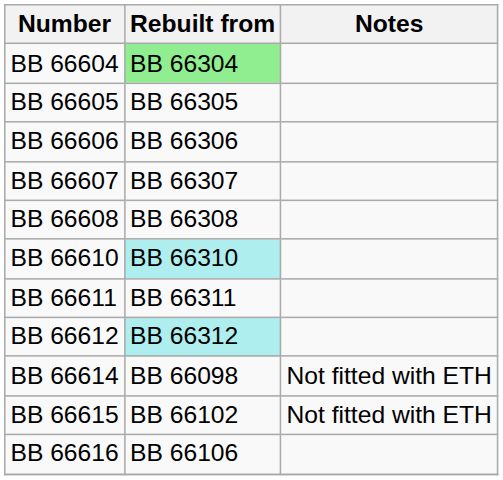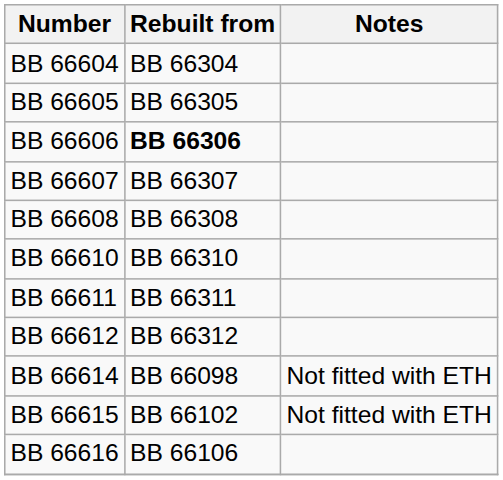 <table class=wikitable>
 <tr>
 <th>Number</th>
 <th>Rebuilt from</th>
 <th>Notes</th>
 </tr>
 <tr>
 <td>BB 66604</td>
-<td style="background: lightgreen;">BB 66304</td>
+<td>BB 66304</td>
 <td></td>
 </tr>
 <tr>
 <td>BB 66605</td>
 <td>BB 66305</td>
 <td></td>
 </tr>
 <tr>
 <td>BB 66606</td>
-<td>BB 66306</td>
+<td><strong>BB 66306</strong></td>
 <td></td>
 </tr>
 <tr>
 <td>BB 66607</td>
 <td>BB 66307</td>
 <td></td>
 </tr>
 <tr>
 <td>BB 66608</td>
 <td>BB 66308</td>
 <td></td>
 </tr>
 <tr>
 <td>BB 66610</td>
-<td style="background: paleturquoise;">BB 66310</td>
+<td>BB 66310</td>
 <td></td>
 </tr>
 <tr>
 <td>BB 66611</td>
 <td>BB 66311</td>
 <td></td>
 </tr>
 <tr>
 <td>BB 66612</td>
-<td style="background: paleturquoise;">BB 66312</td>
+<td>BB 66312</td>
 <td></td>
 </tr>
 <tr>
 <td>BB 66614</td>
 <td>BB 66098</td>
 <td>Not fitted with ETH</td>
 </tr>
 <tr>
 <td>BB 66615</td>
 <td>BB 66102</td>
 <td>Not fitted with ETH</td>
 </tr>
 <tr>
 <td>BB 66616</td>
 <td>BB 66106</td>
 <td></td>
 </tr>
 <tr>
 </tr>
 </table>
